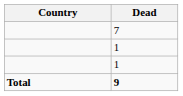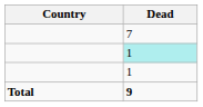 <table class="wikitable">
 <tr>
 <th width="150">Country</th>
 <th width="90">Dead</th>
 </tr>
 <tr ---->
 <td></td>
 <td>7</td>
 </tr>
 <tr ---->
 <td></td>
-<td>1</td>
+<td style="background: paleturquoise;">1</td>
 </tr>
 <tr ---->
 <td></td>
 <td>1</td>
 </tr>
 <tr ---->
 <td><strong>Total</strong></td>
 <td><strong>9</strong></td>
 </tr>
 </table>
